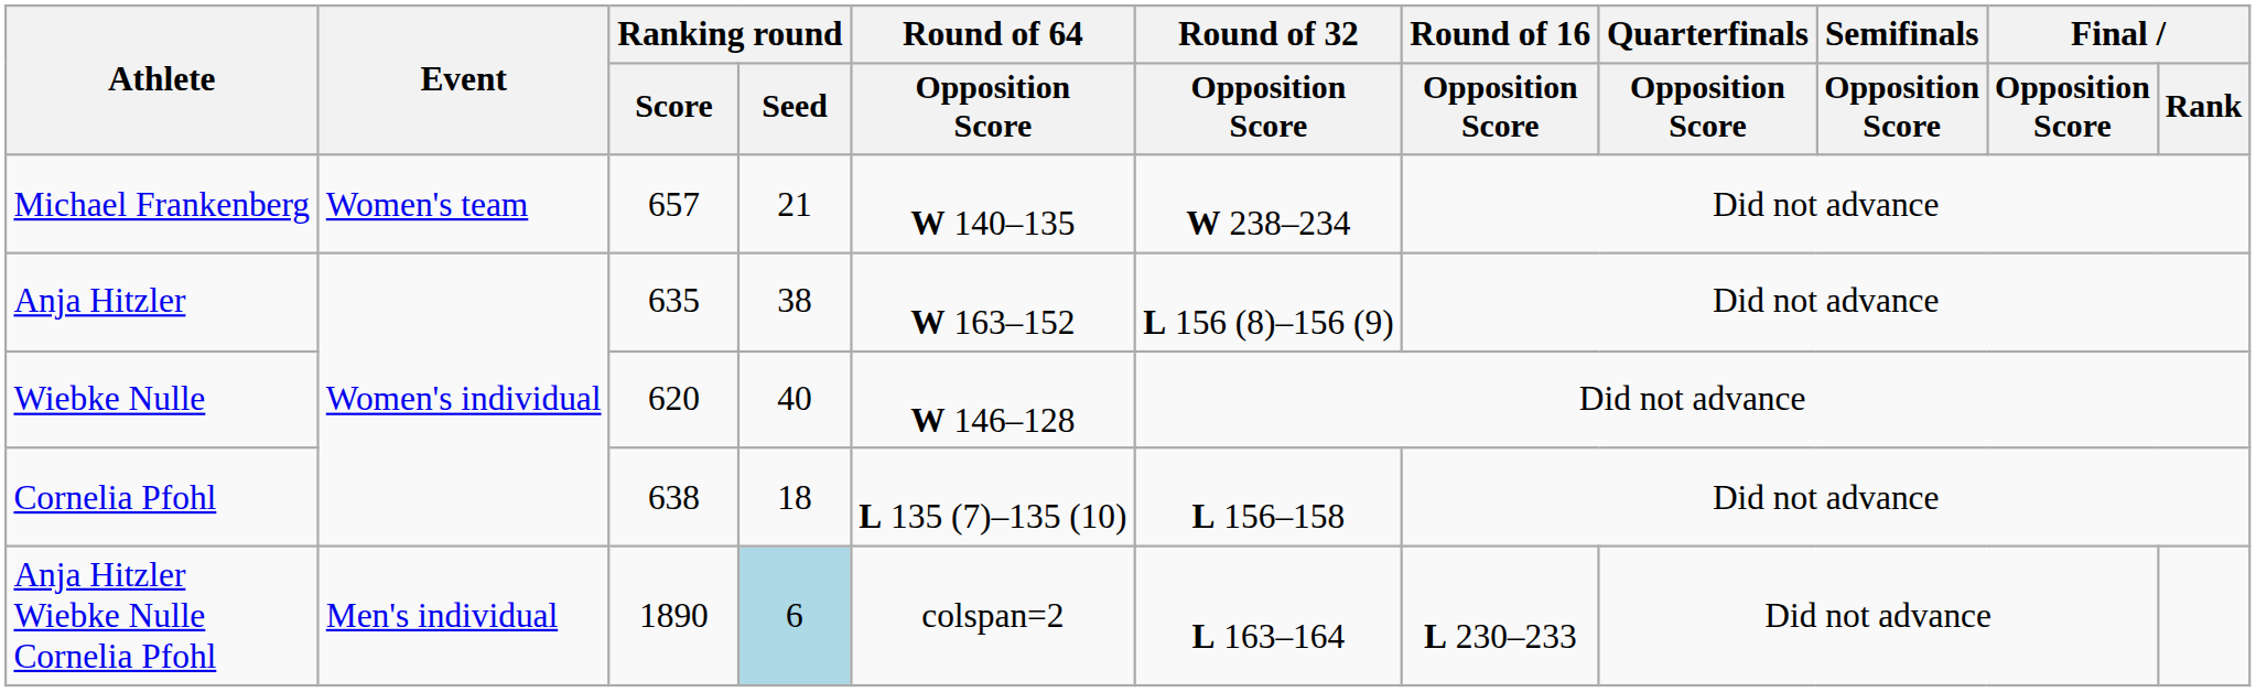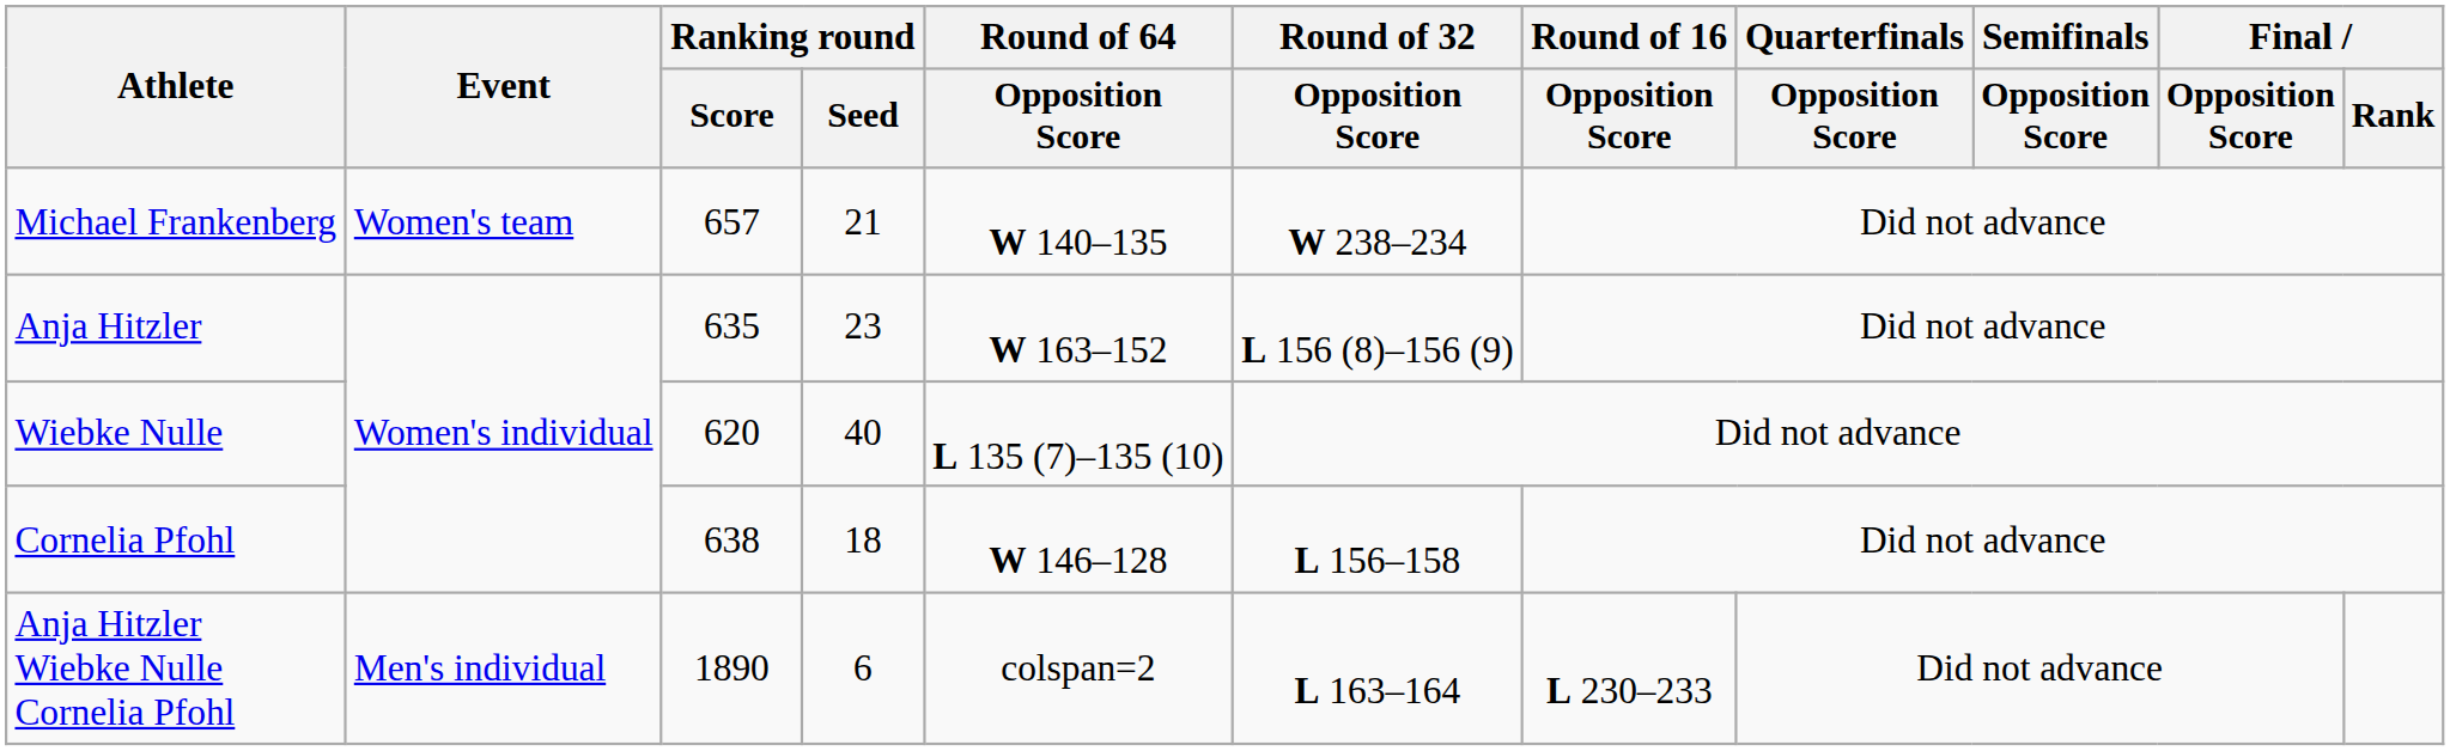 <table class="wikitable" style="font-size:90%">
 <tr>
 <th rowspan="2">Athlete</th>
 <th rowspan="2">Event</th>
 <th colspan="2">Ranking round</th>
 <th>Round of 64</th>
 <th>Round of 32</th>
 <th>Round of 16</th>
 <th>Quarterfinals</th>
 <th>Semifinals</th>
 <th colspan="2">Final / </th>
 </tr>
 <tr style="font-size:95%">
 <th>Score</th>
 <th>Seed</th>
 <th>Opposition<br>Score</th>
 <th>Opposition<br>Score</th>
 <th>Opposition<br>Score</th>
 <th>Opposition<br>Score</th>
 <th>Opposition<br>Score</th>
 <th>Opposition<br>Score</th>
 <th>Rank</th>
 </tr>
 <tr align=center>
 <td align=left><a href='#'>Michael Frankenberg</a></td>
 <td align=left><a href='#'>Women's team</a></td>
 <td>657</td>
 <td>21</td>
 <td><br><strong>W</strong> 140–135</td>
 <td><br><strong>W</strong> 238–234</td>
 <td colspan=5>Did not advance</td>
 </tr>
 <tr align=center>
 <td align=left><a href='#'>Anja Hitzler</a></td>
 <td align=left rowspan=3><a href='#'>Women's individual</a></td>
 <td>635</td>
-<td>38</td>
+<td>23</td>
 <td><br><strong>W</strong> 163–152</td>
 <td><br><strong>L</strong> 156 (8)–156 (9)</td>
 <td colspan=5>Did not advance</td>
 </tr>
 <tr align=center>
 <td align=left><a href='#'>Wiebke Nulle</a></td>
 <td>620</td>
 <td>40</td>
-<td><br><strong>W</strong> 146–128</td>
+<td><br><strong>L</strong> 135 (7)–135 (10)</td>
 <td colspan=6>Did not advance</td>
 </tr>
 <tr align=center>
 <td align=left><a href='#'>Cornelia Pfohl</a></td>
 <td>638</td>
 <td>18</td>
-<td><br><strong>L</strong> 135 (7)–135 (10)</td>
+<td><br><strong>W</strong> 146–128</td>
 <td><br><strong>L</strong> 156–158</td>
 <td colspan=5>Did not advance</td>
 </tr>
 <tr align=center>
 <td align=left><a href='#'>Anja Hitzler</a><br><a href='#'>Wiebke Nulle</a><br><a href='#'>Cornelia Pfohl</a></td>
 <td align=left><a href='#'>Men's individual</a></td>
 <td>1890</td>
-<td style="background: lightblue;">6</td>
+<td>6</td>
 <td>colspan=2 </td>
 <td><br><strong>L</strong> 163–164</td>
 <td><br><strong>L</strong> 230–233</td>
 <td colspan=3>Did not advance</td>
 </tr>
 </table>
